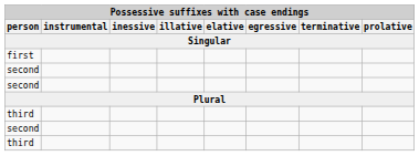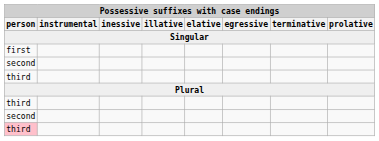 <table class="wikitable">
 <tr>
 <th colspan="8" style="background:#cfcfcf;">Possessive suffixes with case endings</th>
 </tr>
 <tr style="background:#dfdfdf;" |>
 <th>person</th>
 <th>instrumental</th>
 <th>inessive</th>
 <th>illative</th>
 <th>elative</th>
 <th>egressive</th>
 <th>terminative</th>
 <th>prolative</th>
 </tr>
 <tr>
 <th colspan="8" style="background:#efefef">Singular</th>
 </tr>
 <tr>
 <td>first</td>
 <td><strong></strong></td>
 <td></td>
 <td></td>
 <td></td>
 <td></td>
 <td></td>
 <td></td>
 </tr>
 <tr>
 <td>second</td>
 <td></td>
 <td></td>
 <td></td>
 <td></td>
 <td></td>
 <td></td>
 <td></td>
 </tr>
 <tr>
-<td>second</td>
+<td>third</td>
 <td></td>
 <td></td>
 <td></td>
 <td></td>
 <td></td>
 <td></td>
 <td></td>
 </tr>
 <tr>
 <th colspan="8" style="background:#efefef">Plural</th>
 </tr>
 <tr>
 <td>third</td>
 <td></td>
 <td></td>
 <td></td>
 <td></td>
 <td></td>
 <td></td>
 <td></td>
 </tr>
 <tr>
 <td>second</td>
 <td></td>
 <td></td>
 <td></td>
 <td></td>
 <td></td>
 <td></td>
 <td></td>
 </tr>
 <tr>
-<td>third</td>
+<td style="background: pink;">third</td>
 <td></td>
 <td></td>
 <td></td>
 <td></td>
 <td></td>
 <td></td>
 <td></td>
 </tr>
 </table>
